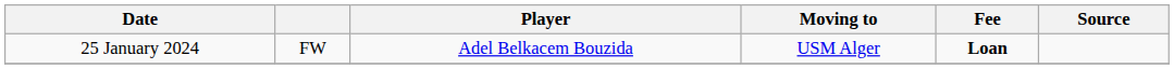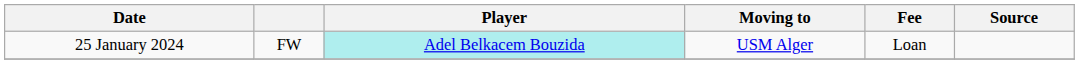 <table class="wikitable sortable" style="width:70%; text-align:center; font-size:85%; text-align:centre;">
 <tr>
 <th>Date</th>
 <th></th>
 <th>Player</th>
 <th>Moving to</th>
 <th>Fee</th>
 <th>Source</th>
 </tr>
 <tr>
 <td>25 January 2024</td>
 <td>FW</td>
-<td> <a href='#'>Adel Belkacem Bouzida</a></td>
+<td style="background: paleturquoise;"> <a href='#'>Adel Belkacem Bouzida</a></td>
 <td><a href='#'>USM Alger</a></td>
-<td><strong>Loan</strong></td>
+<td>Loan</td>
 <td></td>
 </tr>
 <tr>
 </tr>
 </table>
